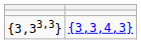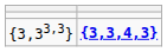 <table class=wikitable>
 <tr>
 <th></th>
 <th></th>
 </tr>
 <tr>
 <td></td>
 <td></td>
 </tr>
 <tr>
 <td>{3,3<sup>3,3</sup>}</td>
-<td><a href='#'>{3,3,4,3}</a></td>
+<td><strong><a href='#'>{3,3,4,3}</a></strong></td>
 </tr>
 </table>
